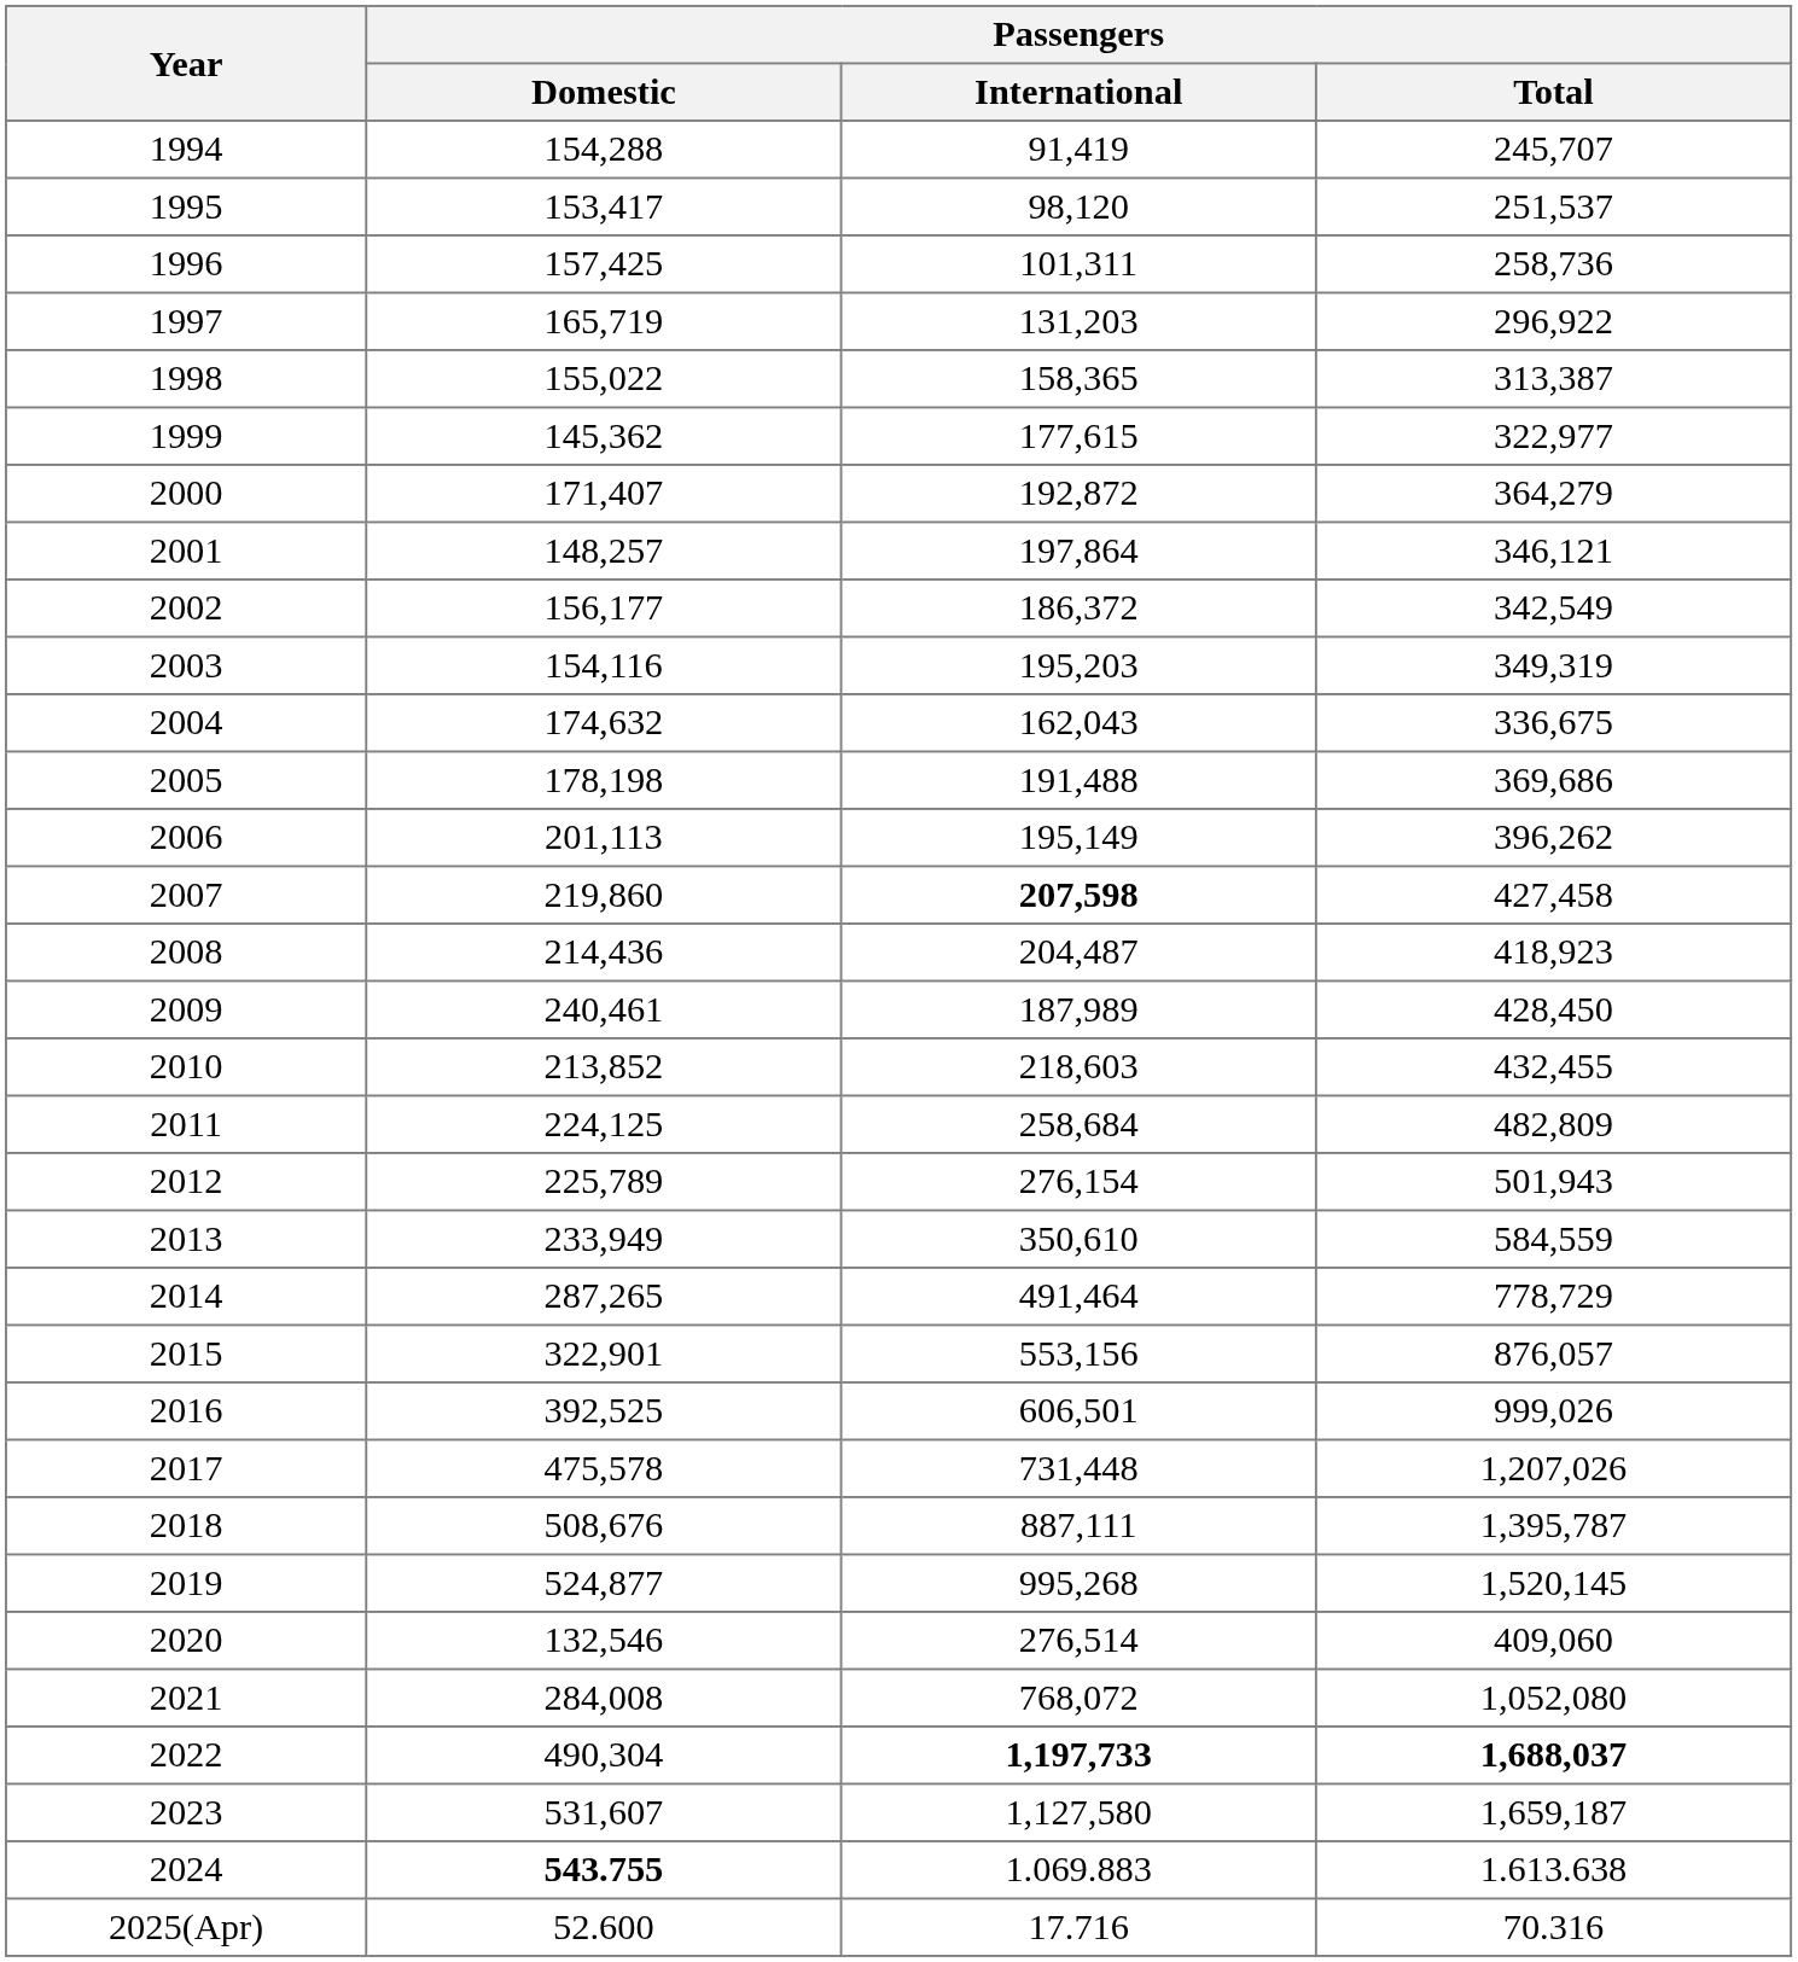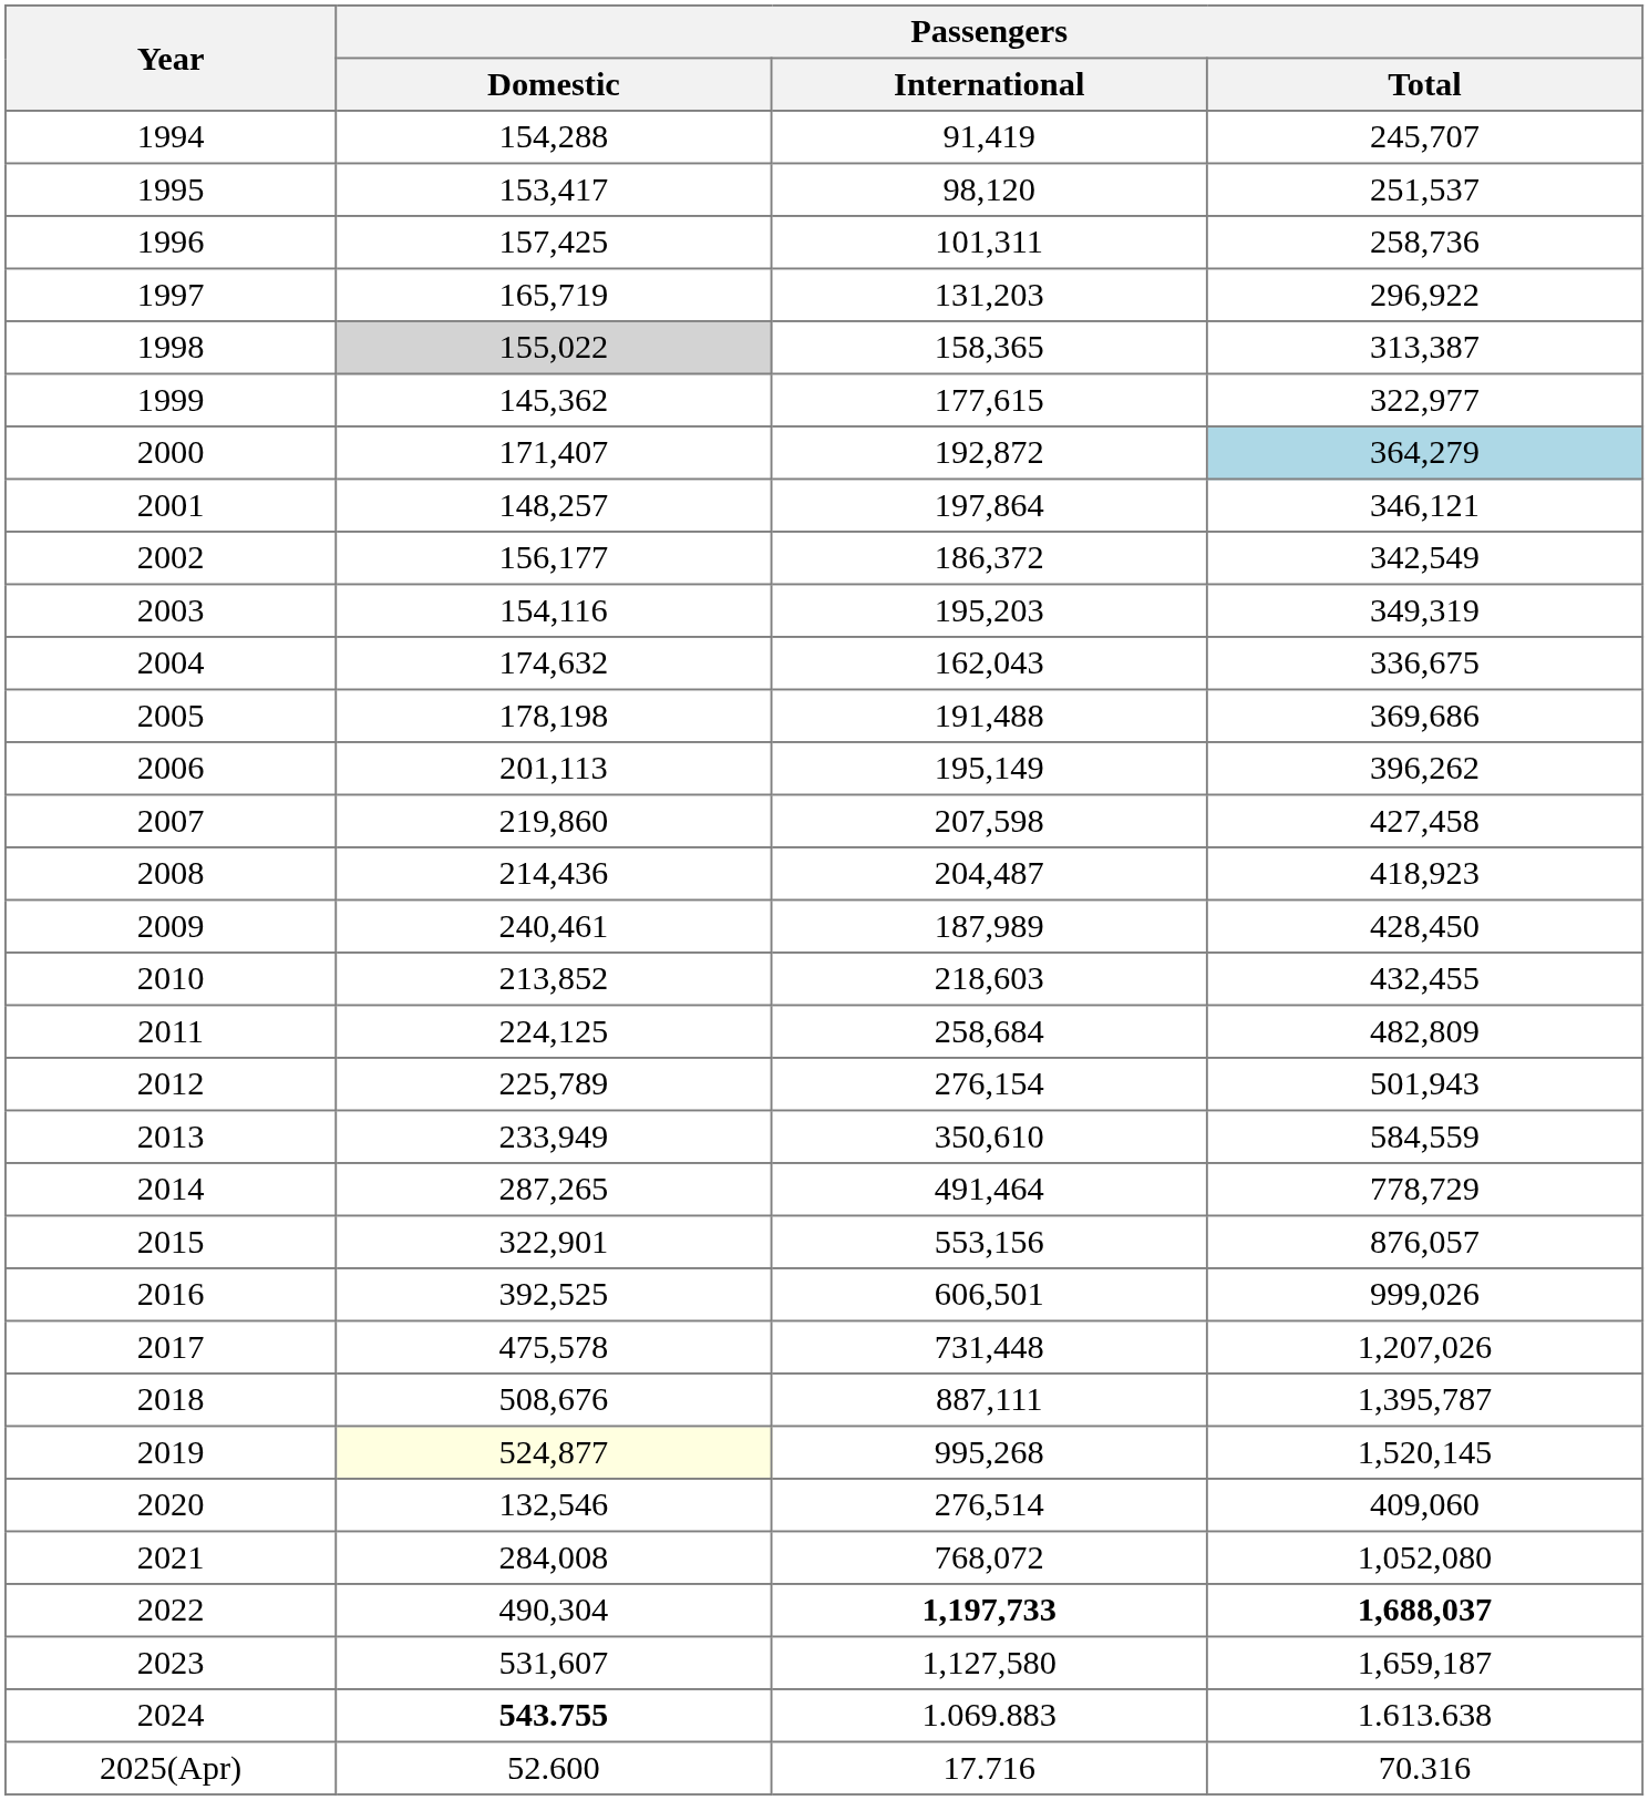 <table class="toccolours" border="1" cellpadding="3" style="border-collapse:collapse">
 <tr style="background:#f2f2f2;">
 <th style="text-align:center; width:150px;" rowspan="2">Year</th>
 <th style="text-align:center; width:200px;" colspan="3">Passengers</th>
 </tr>
 <tr style="background:#f2f2f2;">
 <th style="text-align:center; width:200px;">Domestic</th>
 <th style="text-align:center; width:200px;">International</th>
 <th style="text-align:center; width:200px;">Total</th>
 </tr>
 <tr style="text-align:center;">
 <td style="width:150px;">1994</td>
 <td style="width:150px;">154,288</td>
 <td style="width:150px;">91,419</td>
 <td style="width:150px;">245,707</td>
 </tr>
 <tr style="text-align:center;">
 <td style="width:150px;">1995</td>
 <td style="width:150px;">153,417</td>
 <td style="width:150px;">98,120</td>
 <td style="width:150px;">251,537</td>
 </tr>
 <tr style="text-align:center;">
 <td style="width:150px;">1996</td>
 <td style="width:150px;">157,425</td>
 <td style="width:150px;">101,311</td>
 <td style="width:150px;">258,736</td>
 </tr>
 <tr style="text-align:center;">
 <td style="width:150px;">1997</td>
 <td style="width:150px;">165,719</td>
 <td style="width:150px;">131,203</td>
 <td style="width:150px;">296,922</td>
 </tr>
 <tr style="text-align:center;">
 <td style="width:150px;">1998</td>
-<td style="width:150px;">155,022</td>
+<td style="background: lightgrey; width:150px;">155,022</td>
 <td style="width:150px;">158,365</td>
 <td style="width:150px;">313,387</td>
 </tr>
 <tr style="text-align:center;">
 <td style="width:150px;">1999</td>
 <td style="width:150px;">145,362</td>
 <td style="width:150px;">177,615</td>
 <td style="width:150px;">322,977</td>
 </tr>
 <tr style="text-align:center;">
 <td style="width:150px;">2000</td>
 <td style="width:150px;">171,407</td>
 <td style="width:150px;">192,872</td>
-<td style="width:150px;">364,279</td>
+<td style="background: lightblue; width:150px;">364,279</td>
 </tr>
 <tr style="text-align:center;">
 <td style="width:150px;">2001</td>
 <td style="width:150px;">148,257</td>
 <td style="width:150px;">197,864</td>
 <td style="width:150px;">346,121</td>
 </tr>
 <tr style="text-align:center;">
 <td style="width:150px;">2002</td>
 <td style="width:150px;">156,177</td>
 <td style="width:150px;">186,372</td>
 <td style="width:150px;">342,549</td>
 </tr>
 <tr style="text-align:center;">
 <td style="width:150px;">2003</td>
 <td style="width:150px;">154,116</td>
 <td style="width:150px;">195,203</td>
 <td style="width:150px;">349,319</td>
 </tr>
 <tr style="text-align:center;">
 <td style="width:150px;">2004</td>
 <td style="width:150px;">174,632</td>
 <td style="width:150px;">162,043</td>
 <td style="width:150px;">336,675</td>
 </tr>
 <tr style="text-align:center;">
 <td style="width:150px;">2005</td>
 <td style="width:150px;">178,198</td>
 <td style="width:150px;">191,488</td>
 <td style="width:150px;">369,686</td>
 </tr>
 <tr style="text-align:center;">
 <td style="width:150px;">2006</td>
 <td style="width:150px;">201,113</td>
 <td style="width:150px;">195,149</td>
 <td style="width:150px;">396,262</td>
 </tr>
 <tr style="text-align:center;">
 <td style="width:150px;">2007</td>
 <td style="width:150px;">219,860</td>
-<td style="width:150px;"><strong>207,598</strong></td>
+<td style="width:150px;">207,598</td>
 <td style="width:150px;">427,458</td>
 </tr>
 <tr style="text-align:center;">
 <td style="width:150px;">2008</td>
 <td style="width:150px;">214,436</td>
 <td style="width:150px;">204,487</td>
 <td style="width:150px;">418,923</td>
 </tr>
 <tr style="text-align:center;">
 <td style="width:150px;">2009</td>
 <td style="width:150px;">240,461</td>
 <td style="width:150px;">187,989</td>
 <td style="width:150px;">428,450</td>
 </tr>
 <tr style="text-align:center;">
 <td style="width:150px;">2010</td>
 <td style="width:150px;">213,852</td>
 <td style="width:150px;">218,603</td>
 <td style="width:150px;">432,455</td>
 </tr>
 <tr style="text-align:center;">
 <td style="width:150px;">2011</td>
 <td style="width:150px;">224,125</td>
 <td style="width:150px;">258,684</td>
 <td style="width:150px;">482,809</td>
 </tr>
 <tr style="text-align:center;">
 <td style="width:150px;">2012</td>
 <td style="width:150px;">225,789</td>
 <td style="width:150px;">276,154</td>
 <td style="width:150px;">501,943</td>
 </tr>
 <tr style="text-align:center;">
 <td style="width:150px;">2013</td>
 <td style="width:150px;">233,949</td>
 <td style="width:150px;">350,610</td>
 <td style="width:150px;">584,559</td>
 </tr>
 <tr style="text-align:center;">
 <td style="width:150px;">2014</td>
 <td style="width:150px;">287,265</td>
 <td style="width:150px;">491,464</td>
 <td style="width:150px;">778,729</td>
 </tr>
 <tr style="text-align:center;">
 <td style="width:150px;">2015</td>
 <td style="width:150px;">322,901</td>
 <td style="width:150px;">553,156</td>
 <td style="width:150px;">876,057</td>
 </tr>
 <tr style="text-align:center;">
 <td style="width:150px;">2016</td>
 <td style="width:150px;">392,525</td>
 <td style="width:150px;">606,501</td>
 <td style="width:150px;">999,026</td>
 </tr>
 <tr style="text-align:center;">
 <td style="width:150px;">2017</td>
 <td style="width:150px;">475,578</td>
 <td style="width:150px;">731,448</td>
 <td style="width:150px;">1,207,026</td>
 </tr>
 <tr style="text-align:center;">
 <td style="width:150px;">2018</td>
 <td style="width:150px;">508,676</td>
 <td style="width:150px;">887,111</td>
 <td style="width:150px;">1,395,787</td>
 </tr>
 <tr style="text-align:center;">
 <td style="width:150px;">2019</td>
-<td style="width:150px;">524,877</td>
+<td style="background: lightyellow; width:150px;">524,877</td>
 <td style="width:150px;">995,268</td>
 <td style="width:150px;">1,520,145</td>
 </tr>
 <tr style="text-align:center;">
 <td style="width:150px;">2020</td>
 <td style="width:150px;">132,546</td>
 <td style="width:150px;">276,514</td>
 <td style="width:150px;">409,060</td>
 </tr>
 <tr style="text-align:center;">
 <td style="width:150px;">2021</td>
 <td style="width:150px;">284,008</td>
 <td style="width:150px;">768,072</td>
 <td style="width:150px;">1,052,080</td>
 </tr>
 <tr style="text-align:center;">
 <td style="width:150px;">2022</td>
 <td style="width:150px;">490,304</td>
 <td style="width:150px;"><strong>1,197,733</strong></td>
 <td style="width:150px;"><strong>1,688,037</strong></td>
 </tr>
 <tr style="text-align:center;">
 <td style="width:150px;">2023</td>
 <td style="width:150px;">531,607</td>
 <td style="width:150px;">1,127,580</td>
 <td style="width:150px;">1,659,187</td>
 </tr>
 <tr style="text-align:center;">
 <td style="width:150px;">2024</td>
 <td style="width:150px;"><strong>543.755</strong></td>
 <td style="width:150px;">1.069.883</td>
 <td style="width:150px;">1.613.638</td>
 </tr>
 <tr style="text-align:center;">
 <td style="width:150px;">2025(Apr)</td>
 <td style="width:150px;">52.600</td>
 <td style="width:150px;">17.716</td>
 <td style="width:150px;">70.316</td>
 </tr>
 </table>
